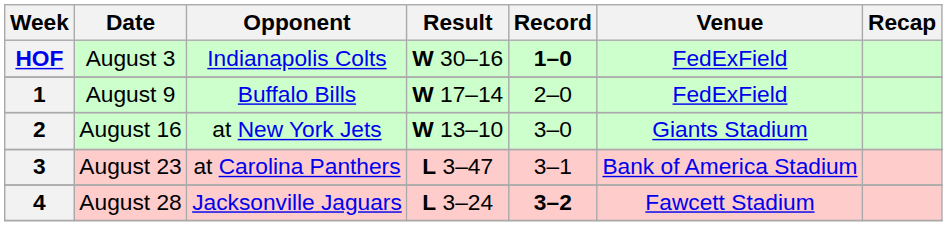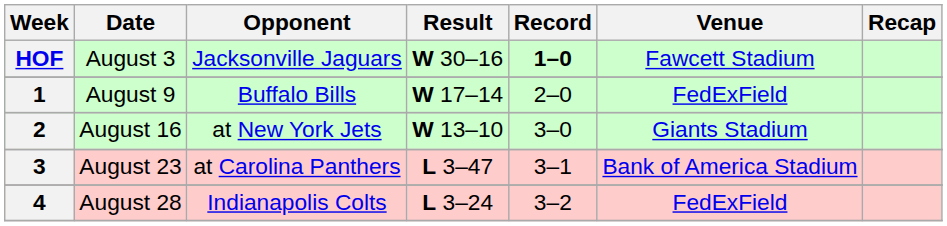 <table class="wikitable" style="text-align:center">
 <tr>
 <th>Week</th>
 <th>Date</th>
 <th>Opponent</th>
 <th>Result</th>
 <th>Record</th>
 <th>Venue</th>
 <th>Recap</th>
 </tr>
 <tr style="background: #cfc;">
 <th align="center"><a href='#'>HOF</a></th>
 <td>August 3</td>
-<td><a href='#'>Indianapolis Colts</a></td>
+<td><a href='#'>Jacksonville Jaguars</a></td>
 <td align="center"><strong>W</strong> 30–16</td>
 <td align="center"><strong>1–0</strong></td>
-<td><a href='#'>FedExField</a></td>
+<td><a href='#'>Fawcett Stadium</a></td>
 <td align=center colspan="1"></td>
 </tr>
 <tr>
 </tr>
 <tr style="background: #cfc;">
 <th>1</th>
 <td>August 9</td>
 <td><a href='#'>Buffalo Bills</a></td>
 <td align="center"><strong>W</strong> 17–14</td>
 <td align="center">2–0</td>
 <td><a href='#'>FedExField</a></td>
 <td align=center colspan="1"></td>
 </tr>
 <tr>
 </tr>
 <tr style="background: #cfc;">
 <th>2</th>
 <td>August 16</td>
 <td>at <a href='#'>New York Jets</a></td>
 <td align="center"><strong>W</strong> 13–10</td>
 <td align="center">3–0</td>
 <td><a href='#'>Giants Stadium</a></td>
 <td align=center colspan="1"></td>
 </tr>
 <tr>
 </tr>
 <tr style="background: #fcc;">
 <th>3</th>
 <td>August 23</td>
 <td>at <a href='#'>Carolina Panthers</a></td>
 <td align="center"><strong>L</strong> 3–47</td>
 <td align="center">3–1</td>
 <td><a href='#'>Bank of America Stadium</a></td>
 <td align=center colspan="1"></td>
 </tr>
 <tr>
 </tr>
 <tr style="background: #fcc;">
 <th>4</th>
 <td>August 28</td>
-<td><a href='#'>Jacksonville Jaguars</a></td>
+<td><a href='#'>Indianapolis Colts</a></td>
 <td align="center"><strong>L</strong> 3–24</td>
-<td align="center"><strong>3–2</strong></td>
-<td><a href='#'>Fawcett Stadium</a></td>
+<td align="center">3–2</td>
+<td><a href='#'>FedExField</a></td>
 <td align=center colspan="1"></td>
 </tr>
 <tr>
 </tr>
 </table>
